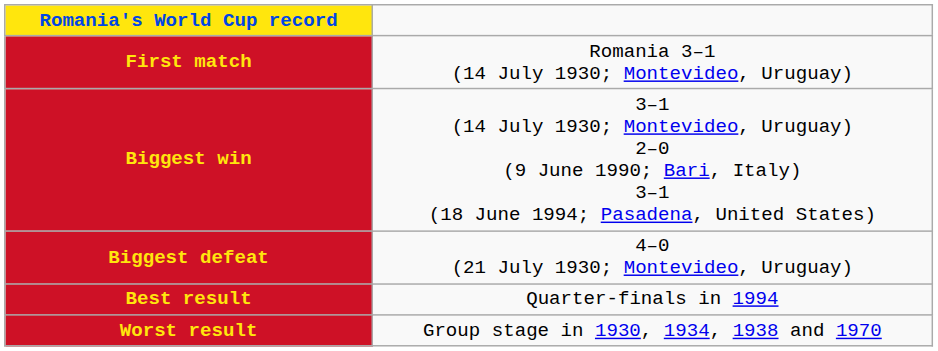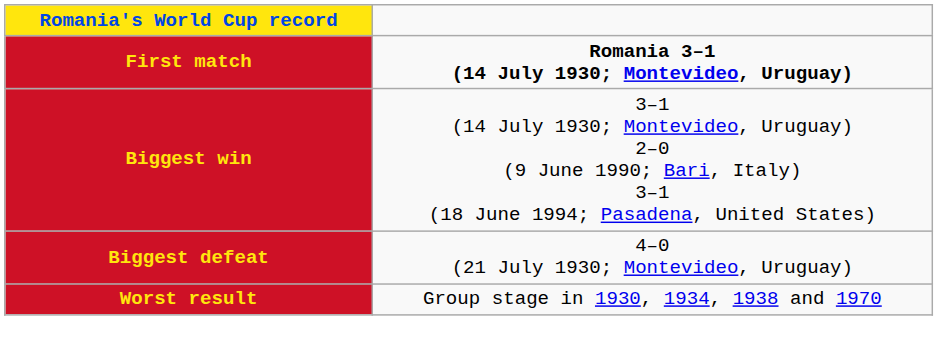 <table class="wikitable collapsible collapsed" style="width:50%;text-align:center">
 <tr>
 <th style="background:#FFE60D; color:#0045E6; "><strong>Romania's World Cup record</strong></th>
 </tr>
 <tr>
 <th style="background:#CE1126; color:#FFE60D; ">First match</th>
-<td> Romania 3–1 <br> (14 July 1930; <a href='#'>Montevideo</a>, Uruguay)</td>
+<td><strong> Romania 3–1 <br> (14 July 1930; <a href='#'>Montevideo</a>, Uruguay)</strong></td>
 </tr>
 <tr>
 <th style="background:#CE1126; color:#FFE60D; ">Biggest win</th>
 <td> 3–1 <br> (14 July 1930; <a href='#'>Montevideo</a>, Uruguay)<br> 2–0 <br> (9 June 1990; <a href='#'>Bari</a>, Italy)<br> 3–1 <br> (18 June 1994; <a href='#'>Pasadena</a>, United States)</td>
 </tr>
 <tr>
 <th style="background:#CE1126; color:#FFE60D; ">Biggest defeat</th>
 <td> 4–0 <br> (21 July 1930; <a href='#'>Montevideo</a>, Uruguay)</td>
 </tr>
 <tr>
-<th style="background:#CE1126; color:#FFE60D; ">Best result</th>
-<td>Quarter-finals in <a href='#'>1994</a></td>
-</tr>
-<tr>
 <th style="background:#CE1126; color:#FFE60D; ">Worst result</th>
 <td>Group stage in <a href='#'>1930</a>, <a href='#'>1934</a>, <a href='#'>1938</a> and <a href='#'>1970</a></td>
 </tr>
 </table>
